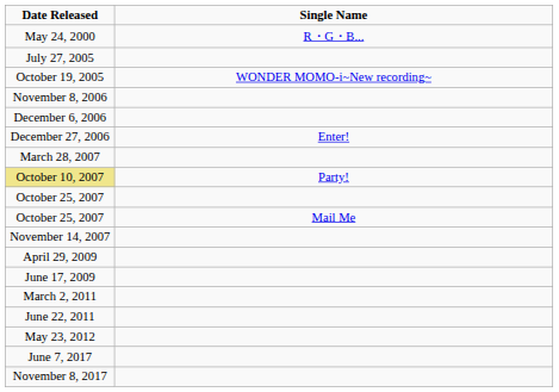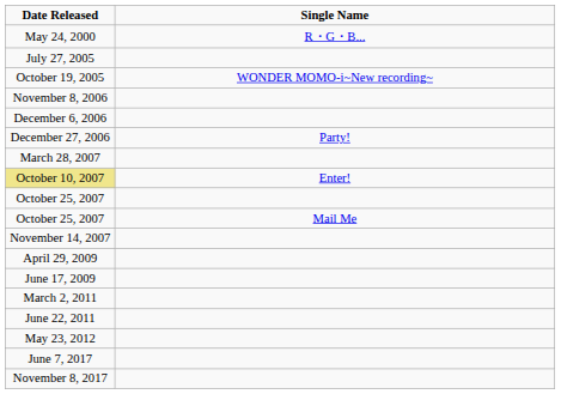 <table class="wikitable" style="text-align:center; width:44%">
 <tr>
 <td width="20%"><strong>Date Released</strong></td>
 <td width="80%"><strong>Single Name</strong></td>
 </tr>
 <tr>
 <td>May 24, 2000</td>
 <td><a href='#'>R・G・B...</a></td>
 </tr>
 <tr>
 <td>July 27, 2005</td>
 <td></td>
 </tr>
 <tr>
 <td>October 19, 2005</td>
 <td><a href='#'>WONDER MOMO-i~New recording~</a></td>
 </tr>
 <tr>
 <td>November 8, 2006</td>
 <td></td>
 </tr>
 <tr>
 <td>December 6, 2006</td>
 <td></td>
 </tr>
 <tr>
 <td>December 27, 2006</td>
-<td><a href='#'>Enter!</a></td>
+<td><a href='#'>Party!</a></td>
 </tr>
 <tr>
 <td>March 28, 2007</td>
 <td></td>
 </tr>
 <tr>
 <td style="background: khaki;">October 10, 2007</td>
-<td><a href='#'>Party!</a></td>
+<td><a href='#'>Enter!</a></td>
 </tr>
 <tr>
 <td>October 25, 2007</td>
 <td></td>
 </tr>
 <tr>
 <td>October 25, 2007</td>
 <td><a href='#'>Mail Me</a></td>
 </tr>
 <tr>
 <td>November 14, 2007</td>
 <td></td>
 </tr>
 <tr>
 <td>April 29, 2009</td>
 <td></td>
 </tr>
 <tr>
 <td>June 17, 2009</td>
 <td></td>
 </tr>
 <tr>
 <td>March 2, 2011</td>
 <td></td>
 </tr>
 <tr>
 <td>June 22, 2011</td>
 <td></td>
 </tr>
 <tr>
 <td>May 23, 2012</td>
 <td></td>
 </tr>
 <tr>
 <td>June 7, 2017</td>
 <td></td>
 </tr>
 <tr>
 <td>November 8, 2017</td>
 <td></td>
 </tr>
 </table>
